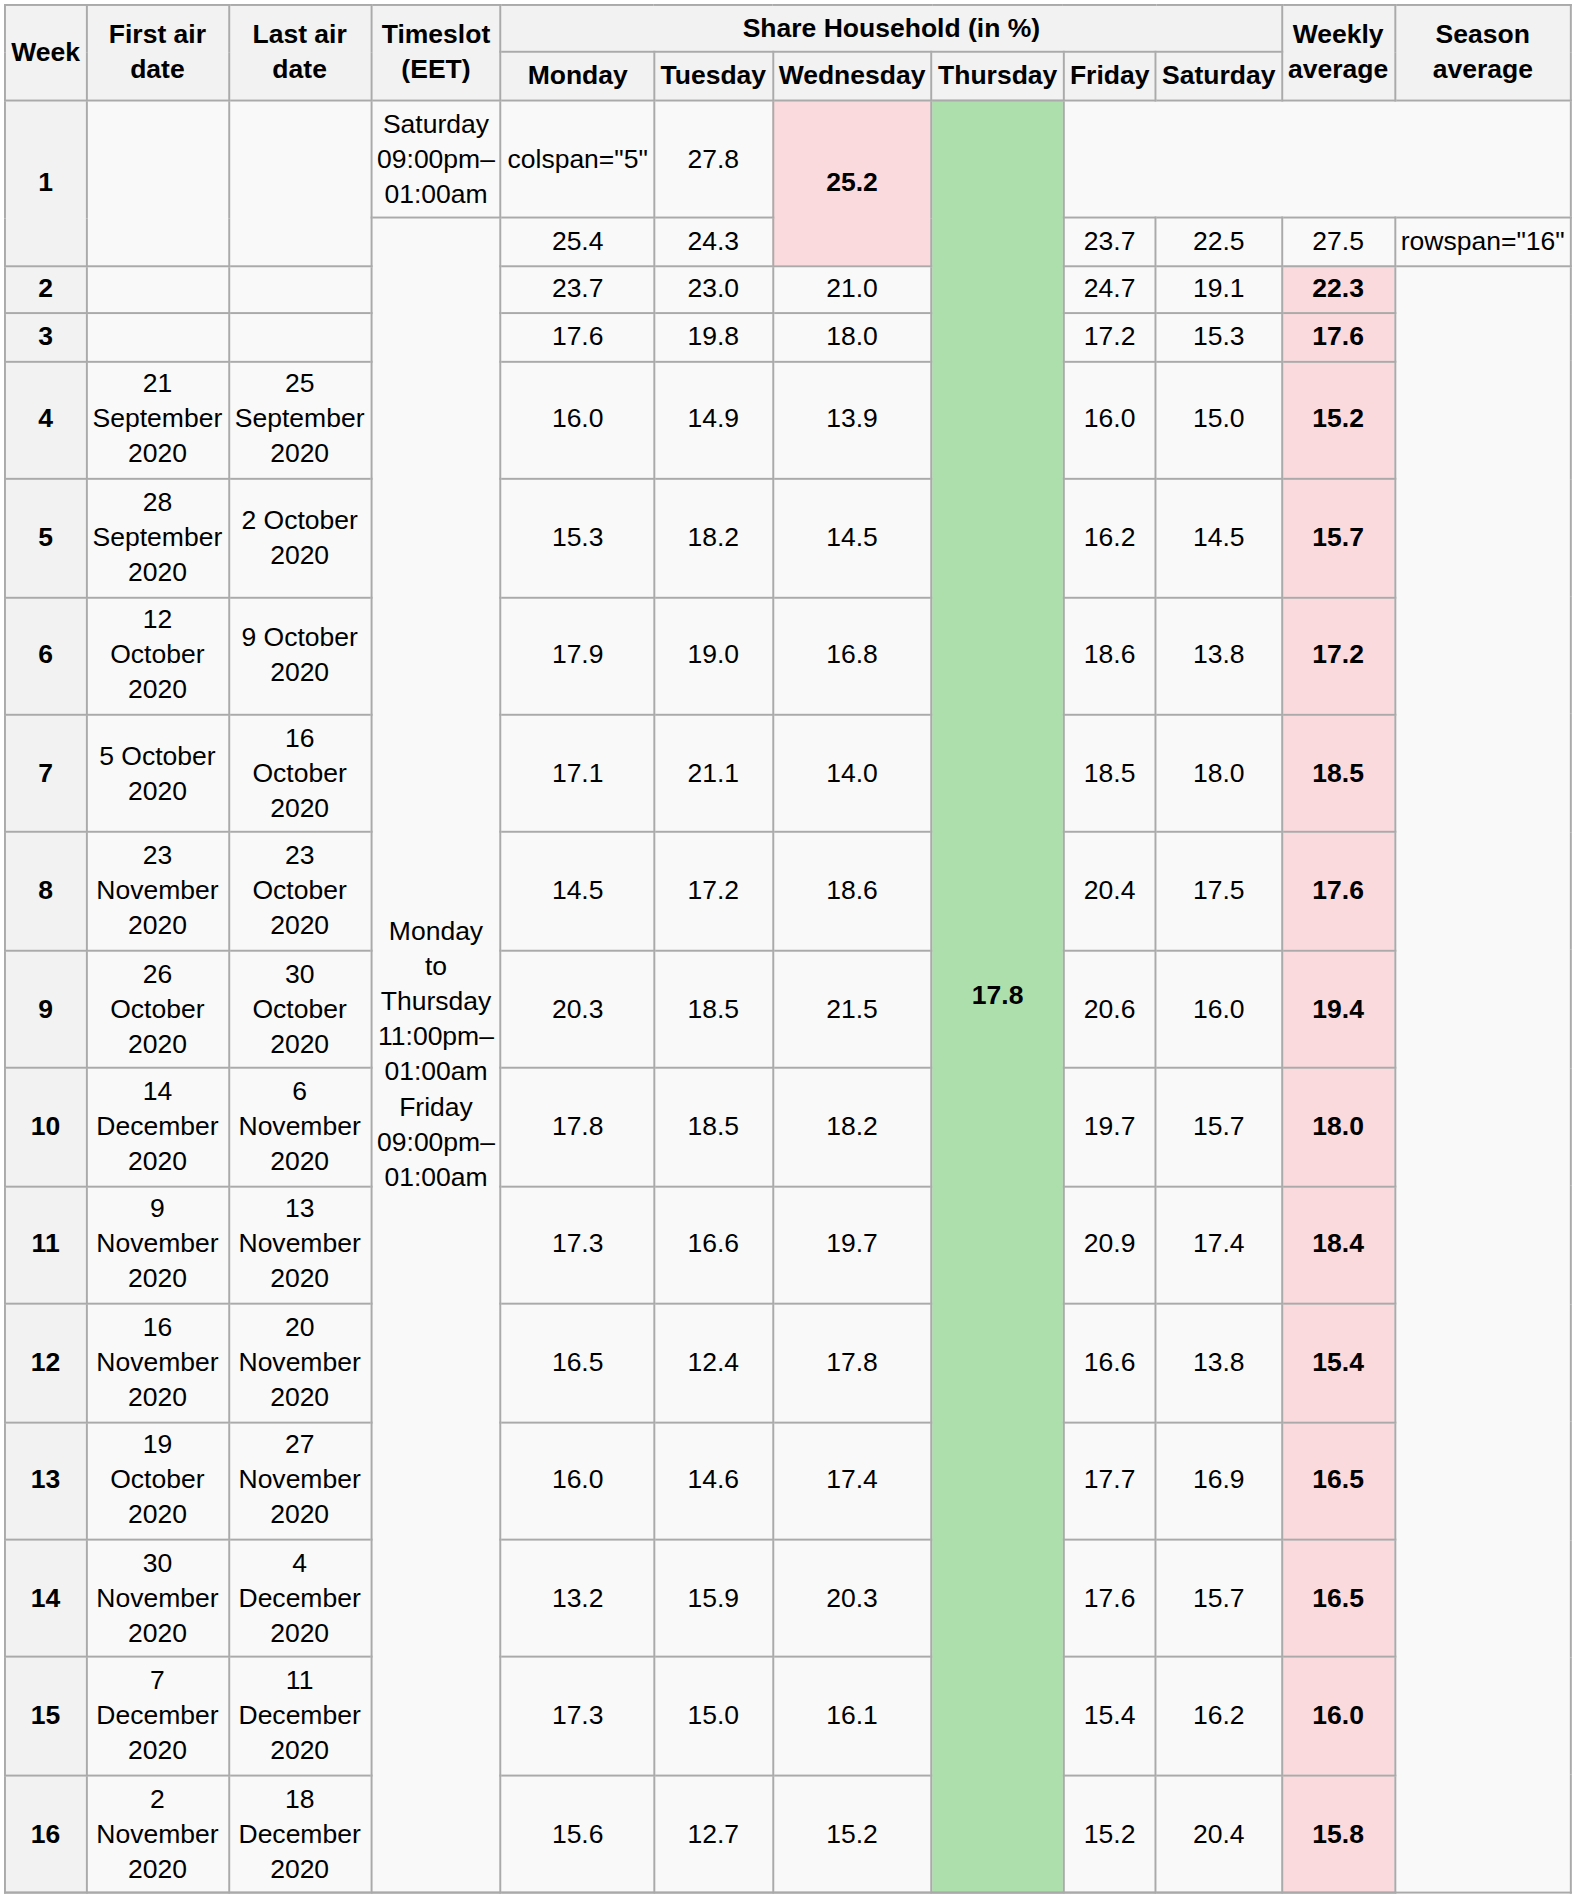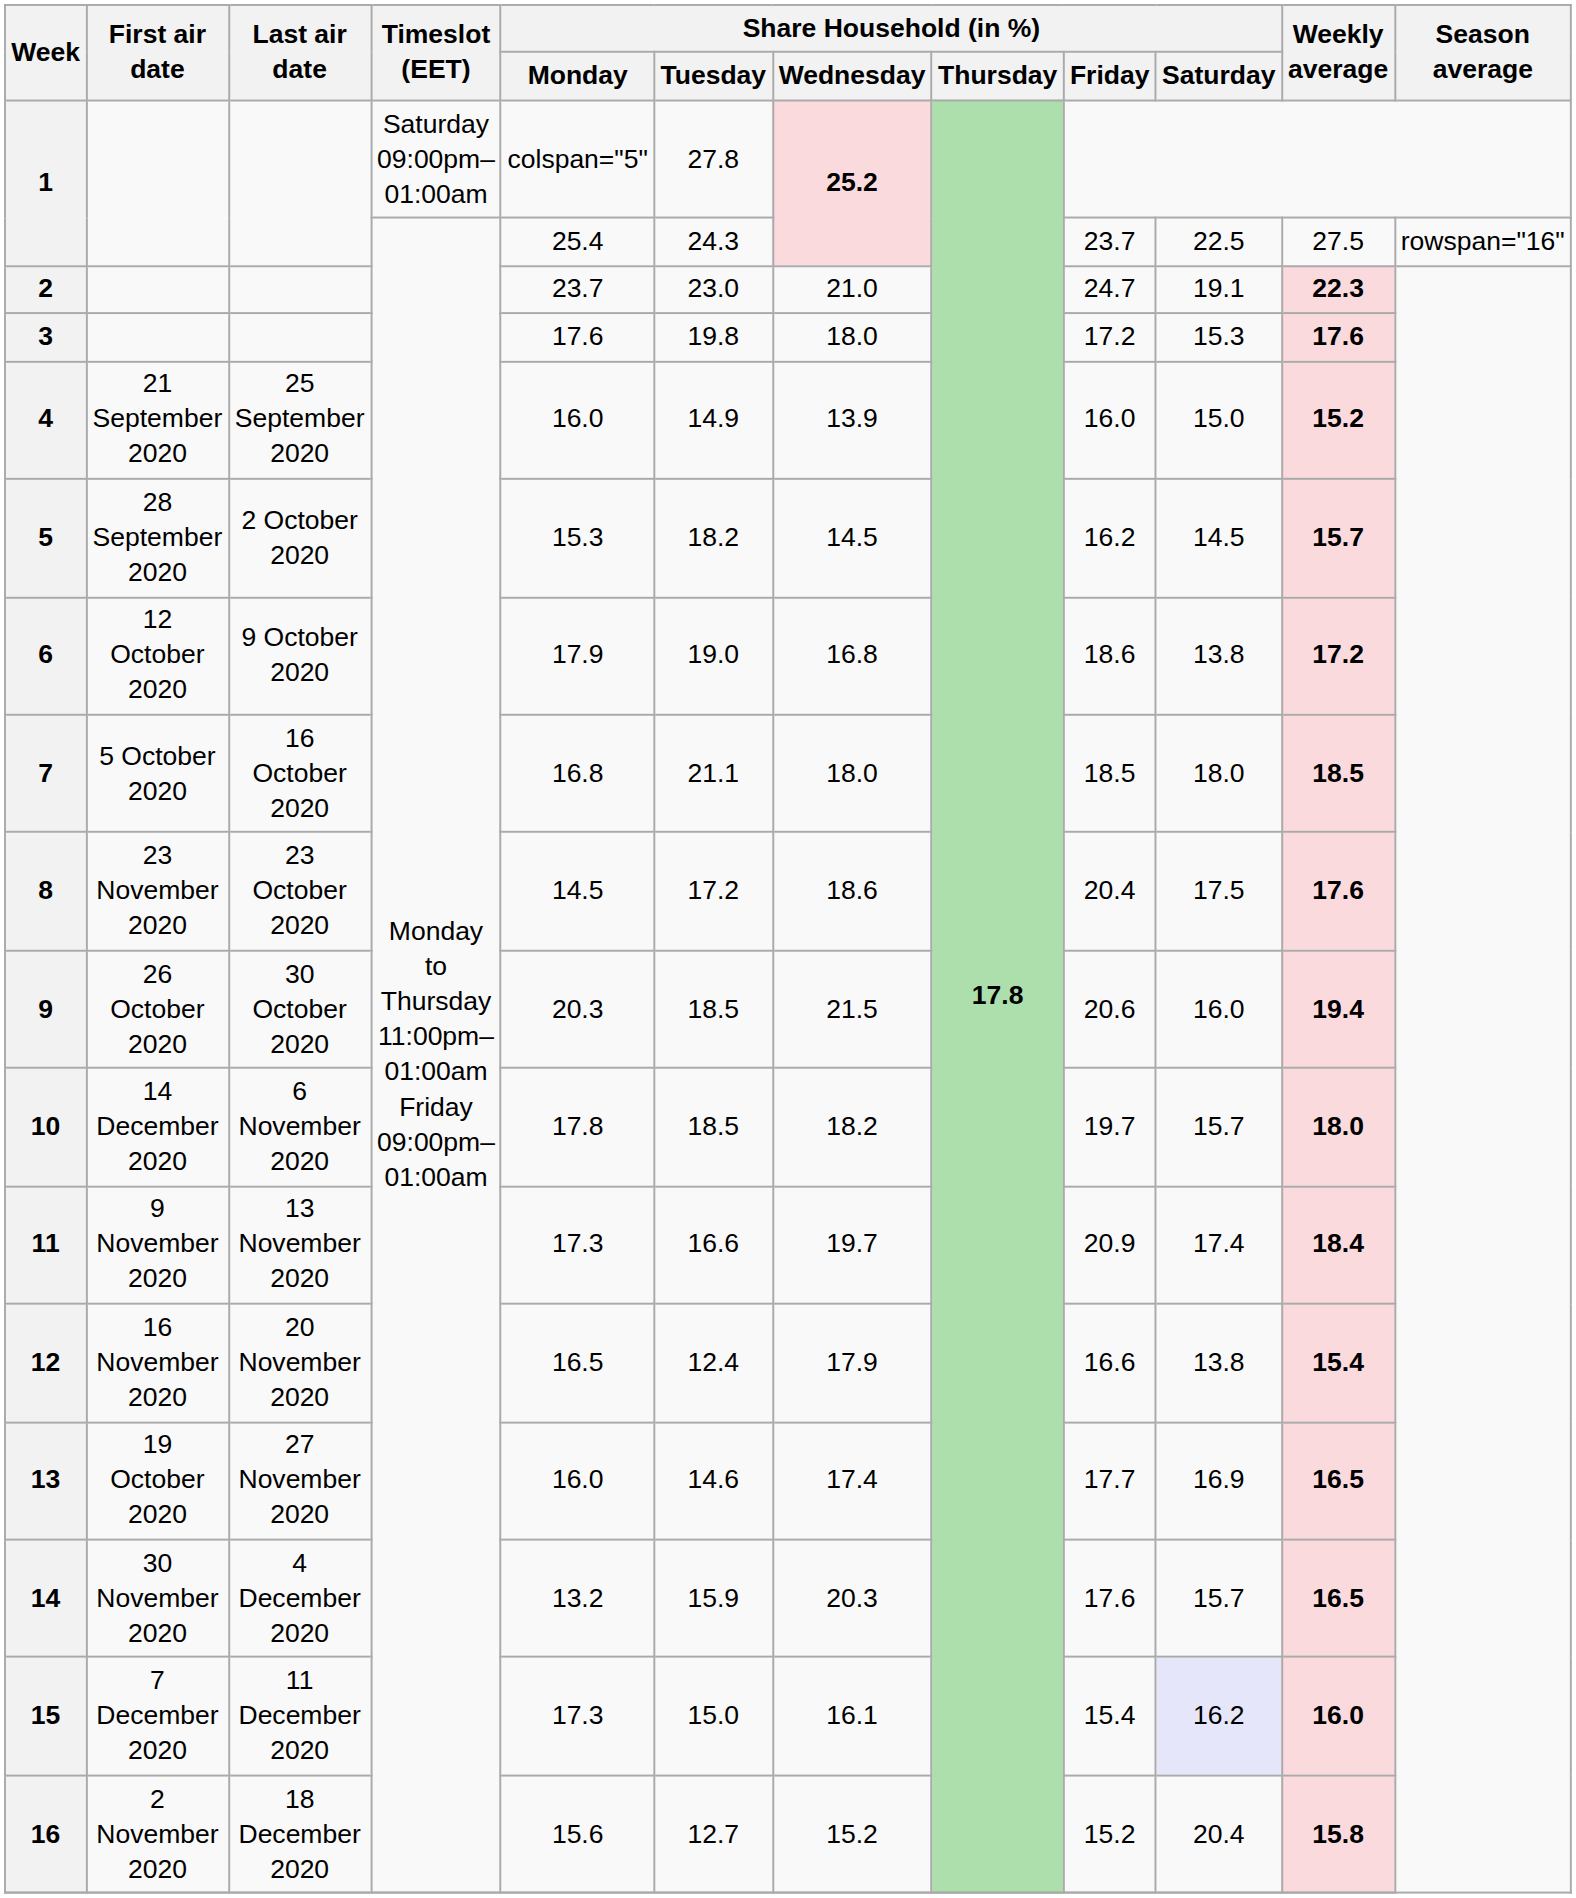 <table class="wikitable" style="font-size:85%; text-align:center; width: auto; line-height: 18px; margin-left: auto; margin-right: auto;">
 <tr>
 <th rowspan="2" width="3%">Week</th>
 <th rowspan="2" width="8%">First air date</th>
 <th rowspan="2" width="8%">Last air date</th>
 <th rowspan="2" width="18%">Timeslot (EET)</th>
 <th colspan="6" width="42%">Share Household (in %)</th>
 <th rowspan="2" width="6%">Weekly<br>average</th>
 <th rowspan="2" width="6%">Season<br>average</th>
 </tr>
 <tr>
 <th width="7%">Monday</th>
 <th width="7%">Tuesday</th>
 <th width="7%">Wednesday</th>
 <th width="7%">Thursday</th>
 <th width="7%">Friday</th>
 <th width="7%">Saturday</th>
 </tr>
 <tr>
 <th rowspan="2">1</th>
 <td rowspan="2"></td>
 <td rowspan="2"></td>
 <td>Saturday 09:00pm–01:00am</td>
 <td>colspan="5" </td>
 <td>27.8</td>
 <td rowspan="2" style="background:#FADADD"><strong>25.2</strong></td>
 <td rowspan="17" style="background:#ADDFAD"><strong>17.8</strong></td>
 </tr>
 <tr>
 <td rowspan="16">Monday to Thursday 11:00pm–01:00am<br>Friday 09:00pm–01:00am</td>
 <td>25.4</td>
 <td>24.3</td>
 <td>23.7</td>
 <td>22.5</td>
 <td>27.5</td>
 <td>rowspan="16" </td>
 </tr>
 <tr>
 <th>2</th>
 <td></td>
 <td></td>
 <td>23.7</td>
 <td>23.0</td>
 <td>21.0</td>
 <td>24.7</td>
 <td>19.1</td>
 <td style="background:#FADADD"><strong>22.3</strong></td>
 </tr>
 <tr>
 <th>3</th>
 <td></td>
 <td></td>
 <td>17.6</td>
 <td>19.8</td>
 <td>18.0</td>
 <td>17.2</td>
 <td>15.3</td>
 <td style="background:#FADADD"><strong>17.6</strong></td>
 </tr>
 <tr>
 <th>4</th>
 <td>21 September 2020</td>
 <td>25 September 2020</td>
 <td>16.0</td>
 <td>14.9</td>
 <td>13.9</td>
 <td>16.0</td>
 <td>15.0</td>
 <td style="background:#FADADD"><strong>15.2</strong></td>
 </tr>
 <tr>
 <th>5</th>
 <td>28 September 2020</td>
 <td>2 October 2020</td>
 <td>15.3</td>
 <td>18.2</td>
 <td>14.5</td>
 <td>16.2</td>
 <td>14.5</td>
 <td style="background:#FADADD"><strong>15.7</strong></td>
 </tr>
 <tr>
 <th>6</th>
 <td>12 October 2020</td>
 <td>9 October 2020</td>
 <td>17.9</td>
 <td>19.0</td>
 <td>16.8</td>
 <td>18.6</td>
 <td>13.8</td>
 <td style="background:#FADADD"><strong>17.2</strong></td>
 </tr>
 <tr>
 <th>7</th>
 <td>5 October 2020</td>
 <td>16 October 2020</td>
-<td>17.1</td>
+<td>16.8</td>
 <td>21.1</td>
-<td>14.0</td>
+<td>18.0</td>
 <td>18.5</td>
 <td>18.0</td>
 <td style="background:#FADADD"><strong>18.5</strong></td>
 </tr>
 <tr>
 <th>8</th>
 <td>23 November 2020</td>
 <td>23 October 2020</td>
 <td>14.5</td>
 <td>17.2</td>
 <td>18.6</td>
 <td>20.4</td>
 <td>17.5</td>
 <td style="background:#FADADD"><strong>17.6</strong></td>
 </tr>
 <tr>
 <th>9</th>
 <td>26 October 2020</td>
 <td>30 October 2020</td>
 <td>20.3</td>
 <td>18.5</td>
 <td>21.5</td>
 <td>20.6</td>
 <td>16.0</td>
 <td style="background:#FADADD"><strong>19.4</strong></td>
 </tr>
 <tr>
 <th>10</th>
 <td>14 December 2020</td>
 <td>6 November 2020</td>
 <td>17.8</td>
 <td>18.5</td>
 <td>18.2</td>
 <td>19.7</td>
 <td>15.7</td>
 <td style="background:#FADADD"><strong>18.0</strong></td>
 </tr>
 <tr>
 <th>11</th>
 <td>9 November 2020</td>
 <td>13 November 2020</td>
 <td>17.3</td>
 <td>16.6</td>
 <td>19.7</td>
 <td>20.9</td>
 <td>17.4</td>
 <td style="background:#FADADD"><strong>18.4</strong></td>
 </tr>
 <tr>
 <th>12</th>
 <td>16 November 2020</td>
 <td>20 November 2020</td>
 <td>16.5</td>
 <td>12.4</td>
-<td>17.8</td>
+<td>17.9</td>
 <td>16.6</td>
 <td>13.8</td>
 <td style="background:#FADADD"><strong>15.4</strong></td>
 </tr>
 <tr>
 <th>13</th>
 <td>19 October 2020</td>
 <td>27 November 2020</td>
 <td>16.0</td>
 <td>14.6</td>
 <td>17.4</td>
 <td>17.7</td>
 <td>16.9</td>
 <td style="background:#FADADD"><strong>16.5</strong></td>
 </tr>
 <tr>
 <th>14</th>
 <td>30 November 2020</td>
 <td>4 December 2020</td>
 <td>13.2</td>
 <td>15.9</td>
 <td>20.3</td>
 <td>17.6</td>
 <td>15.7</td>
 <td style="background:#FADADD"><strong>16.5</strong></td>
 </tr>
 <tr>
 <th>15</th>
 <td>7 December 2020</td>
 <td>11 December 2020</td>
 <td>17.3</td>
 <td>15.0</td>
 <td>16.1</td>
 <td>15.4</td>
-<td>16.2</td>
+<td style="background: lavender;">16.2</td>
 <td style="background:#FADADD"><strong>16.0</strong></td>
 </tr>
 <tr>
 <th>16</th>
 <td>2 November 2020</td>
 <td>18 December 2020</td>
 <td>15.6</td>
 <td>12.7</td>
 <td>15.2</td>
 <td>15.2</td>
 <td>20.4</td>
 <td style="background:#FADADD"><strong>15.8</strong></td>
 </tr>
 <tr>
 </tr>
 </table>
